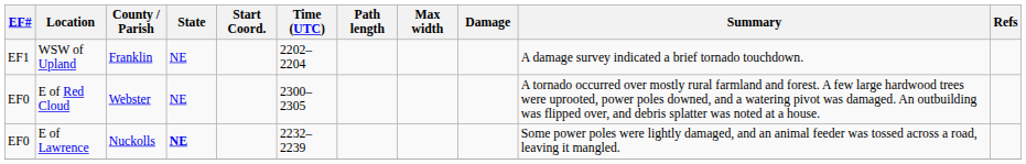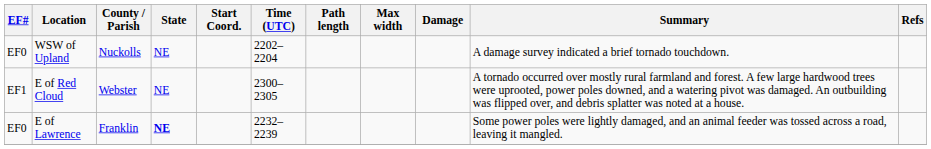 <table class="wikitable sortable" style="width:100%;">
 <tr>
 <th scope="col"  style="width:3%; text-align:center;"><a href='#'>EF#</a></th>
 <th scope="col"  style="width:7%; text-align:center;" class="unsortable">Location</th>
 <th scope="col"  style="width:6%; text-align:center;" class="unsortable">County / Parish</th>
 <th scope="col"  style="width:5%; text-align:center;">State</th>
 <th scope="col"  style="width:6%; text-align:center;">Start Coord.</th>
 <th scope="col"  style="width:6%; text-align:center;">Time (<a href='#'>UTC</a>)</th>
 <th scope="col"  style="width:6%; text-align:center;">Path length</th>
 <th scope="col"  style="width:6%; text-align:center;">Max width</th>
 <th scope="col"  style="width:6%; text-align:center;">Damage</th>
 <th scope="col" class="unsortable" style="width:48%; text-align:center;">Summary</th>
 <th scope="col" class="unsortable" style="width:48%; text-align:center;">Refs</th>
 </tr>
 <tr>
-<td>EF1</td>
+<td>EF0</td>
 <td>WSW of <a href='#'>Upland</a></td>
-<td><a href='#'>Franklin</a></td>
+<td><a href='#'>Nuckolls</a></td>
 <td><a href='#'>NE</a></td>
 <td></td>
 <td>2202–2204</td>
 <td></td>
 <td></td>
 <td></td>
 <td>A damage survey indicated a brief tornado touchdown.</td>
 <td></td>
 </tr>
 <tr>
-<td>EF0</td>
+<td>EF1</td>
 <td>E of <a href='#'>Red Cloud</a></td>
 <td><a href='#'>Webster</a></td>
 <td><a href='#'>NE</a></td>
 <td></td>
 <td>2300–2305</td>
 <td></td>
 <td></td>
 <td></td>
 <td>A tornado occurred over mostly rural farmland and forest. A few large hardwood trees were uprooted, power poles downed, and a watering pivot was damaged. An outbuilding was flipped over, and debris splatter was noted at a house.</td>
 <td></td>
 </tr>
 <tr>
 <td>EF0</td>
 <td>E of <a href='#'>Lawrence</a></td>
-<td><a href='#'>Nuckolls</a></td>
+<td><a href='#'>Franklin</a></td>
 <td><strong><a href='#'>NE</a></strong></td>
 <td></td>
 <td>2232–2239</td>
 <td></td>
 <td></td>
 <td></td>
 <td>Some power poles were lightly damaged, and an animal feeder was tossed across a road, leaving it mangled.</td>
 <td></td>
 </tr>
 <tr>
 </tr>
 </table>
